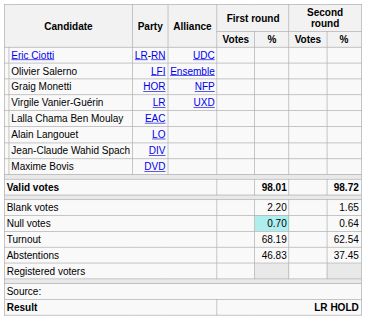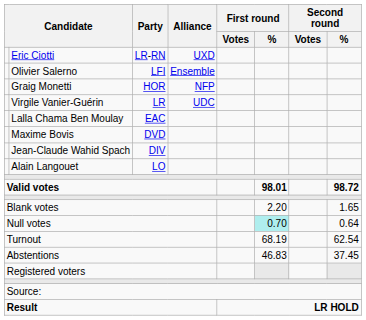 <table class="wikitable" style="text-align:right;font-size:95%;">
 <tr>
 <th colspan="2" rowspan="2">Candidate</th>
 <th colspan="1" rowspan="2">Party</th>
 <th colspan="1" rowspan="2">Alliance</th>
 <th colspan="2">First round</th>
 <th colspan="2">Second round</th>
 </tr>
 <tr>
 <th style="width:50px;">Votes</th>
 <th style="width:45px;">%</th>
 <th style="width:50px;">Votes</th>
 <th style="width:45px;">%</th>
 </tr>
 <tr>
 <td style="color:inherit;background:"></td>
 <td style="text-align:left;"><a href='#'>Eric Ciotti</a></td>
 <td><a href='#'>LR</a>-<a href='#'>RN</a></td>
-<td><a href='#'>UDC</a></td>
+<td><a href='#'>UXD</a></td>
 <td></td>
 <td></td>
 <td><strong></strong></td>
 <td><strong></strong></td>
 </tr>
 <tr>
 <td style="color:inherit;background:"></td>
 <td style="text-align:left;">Olivier Salerno</td>
 <td><a href='#'>LFI</a></td>
 <td><a href='#'>Ensemble</a></td>
 <td></td>
 <td></td>
 <td></td>
 <td></td>
 </tr>
 <tr>
 <td style="color:inherit;background:"></td>
 <td style="text-align:left;">Graig Monetti</td>
 <td><a href='#'>HOR</a></td>
 <td><a href='#'>NFP</a></td>
 <td></td>
 <td></td>
 <td></td>
 <td></td>
 </tr>
 <tr>
 <td style="color:inherit;background:"></td>
 <td style="text-align:left;">Virgile Vanier-Guérin</td>
 <td><a href='#'>LR</a></td>
-<td><a href='#'>UXD</a></td>
+<td><a href='#'>UDC</a></td>
 <td></td>
 <td></td>
 <td></td>
 <td></td>
 </tr>
 <tr>
 <td style="color:inherit;background:"></td>
 <td style="text-align:left;">Lalla Chama Ben Moulay</td>
 <td><a href='#'>EAC</a></td>
 <td></td>
 <td></td>
 <td></td>
 <td></td>
 <td></td>
 </tr>
 <tr>
 <td style="color:inherit;background:"></td>
-<td style="text-align:left;">Alain Langouet</td>
-<td><a href='#'>LO</a></td>
+<td style="text-align:left;">Maxime Bovis</td>
+<td><a href='#'>DVD</a></td>
 <td></td>
 <td></td>
 <td></td>
 <td></td>
 <td></td>
 </tr>
 <tr>
 <td style="color:inherit;background:"></td>
 <td style="text-align:left;">Jean-Claude Wahid Spach</td>
 <td><a href='#'>DIV</a></td>
 <td></td>
 <td></td>
 <td></td>
 <td></td>
 <td></td>
 </tr>
 <tr>
 <td style="color:inherit;background:"></td>
-<td style="text-align:left;">Maxime Bovis</td>
-<td><a href='#'>DVD</a></td>
+<td style="text-align:left;">Alain Langouet</td>
+<td><a href='#'>LO</a></td>
 <td></td>
 <td></td>
 <td></td>
 <td></td>
 <td></td>
 </tr>
 <tr>
 <td colspan="8" style="background:#E9E9E9;"></td>
 </tr>
 <tr style="font-weight:bold;">
 <td colspan="4" style="text-align:left;">Valid votes</td>
 <td></td>
 <td>98.01</td>
 <td></td>
 <td>98.72</td>
 </tr>
 <tr>
 <td colspan="8" style="background:#E9E9E9;"></td>
 </tr>
 <tr>
 <td colspan="4" style="text-align:left;">Blank votes</td>
 <td></td>
 <td>2.20</td>
 <td></td>
 <td>1.65</td>
 </tr>
 <tr>
 <td colspan="4" style="text-align:left;">Null votes</td>
 <td></td>
 <td style="background: paleturquoise;">0.70</td>
 <td></td>
 <td>0.64</td>
 </tr>
 <tr>
 <td colspan="4" style="text-align:left;">Turnout</td>
 <td></td>
 <td>68.19</td>
 <td></td>
 <td>62.54</td>
 </tr>
 <tr>
 <td colspan="4" style="text-align:left;">Abstentions</td>
 <td></td>
 <td>46.83</td>
 <td></td>
 <td>37.45</td>
 </tr>
 <tr>
 <td colspan="4" style="text-align:left;">Registered voters</td>
 <td></td>
 <td style="background:#E9E9E9;"></td>
 <td></td>
 <td style="background:#E9E9E9;"></td>
 </tr>
 <tr>
 <td colspan="8" style="background:#E9E9E9;"></td>
 </tr>
 <tr>
 <td colspan="8" style="text-align:left;">Source: </td>
 </tr>
 <tr style="font-weight:bold">
 <td colspan="4" style="text-align:left;">Result</td>
 <td colspan="4" style="background-color:">LR HOLD</td>
 </tr>
 </table>
